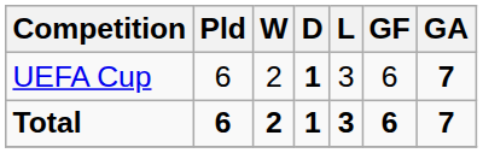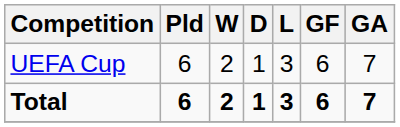 <table class="wikitable">
 <tr>
 <th>Competition</th>
 <th>Pld</th>
 <th>W</th>
 <th>D</th>
 <th>L</th>
 <th>GF</th>
 <th>GA</th>
 </tr>
 <tr>
 <td><a href='#'>UEFA Cup</a></td>
 <td style="text-align:center;">6</td>
 <td style="text-align:center;">2</td>
-<td style="text-align:center;"><strong>1</strong></td>
+<td style="text-align:center;">1</td>
 <td style="text-align:center;">3</td>
 <td style="text-align:center;">6</td>
-<td style="text-align:center;"><strong>7</strong></td>
+<td style="text-align:center;">7</td>
 </tr>
 <tr>
 <td><strong>Total</strong></td>
 <td style="text-align:center;"><strong>6</strong></td>
 <td style="text-align:center;"><strong>2</strong></td>
 <td style="text-align:center;"><strong>1</strong></td>
 <td style="text-align:center;"><strong>3</strong></td>
 <td style="text-align:center;"><strong>6</strong></td>
 <td style="text-align:center;"><strong>7</strong></td>
 </tr>
 <tr>
 </tr>
 </table>
